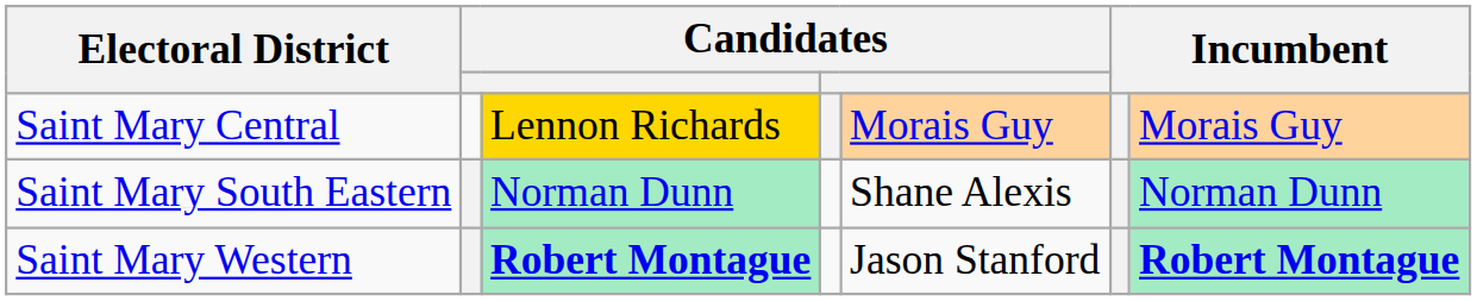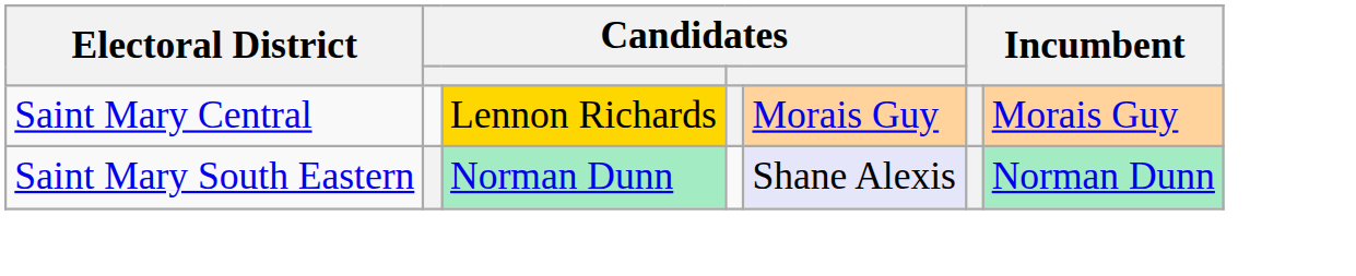 <table class="wikitable">
 <tr>
 <th rowspan="2">Electoral District</th>
 <th colspan="4">Candidates</th>
 <th colspan="2" rowspan="2">Incumbent</th>
 </tr>
 <tr>
 <th colspan="2" style="background:"><a href='#'></a></th>
 <th colspan="2" style="background:"><a href='#'></a></th>
 </tr>
 <tr>
 <td><a href='#'>Saint Mary Central</a></td>
 <td></td>
 <td style="background: gold;">Lennon Richards</td>
 <th style="background:"></th>
 <td style="background:#FFD39B"><a href='#'>Morais Guy</a></td>
 <th style="background:"></th>
 <td style="background:#FFD39B"><a href='#'>Morais Guy</a></td>
 </tr>
 <tr>
 <td><a href='#'>Saint Mary South Eastern</a></td>
 <th style="background:"></th>
 <td style="background:#a3ebc3"><a href='#'>Norman Dunn</a></td>
 <td></td>
-<td>Shane Alexis</td>
+<td style="background: lavender;">Shane Alexis</td>
 <th style="background:"></th>
 <td style="background:#a3ebc3"><a href='#'>Norman Dunn</a></td>
 </tr>
-<tr>
-<td><a href='#'>Saint Mary Western</a></td>
-<th style="background:"></th>
-<td style="background:#a3ebc3"><a href='#'><strong>Robert Montague</strong></a></td>
-<td></td>
-<td>Jason Stanford</td>
-<th style="background:"></th>
-<td style="background:#a3ebc3"><a href='#'><strong>Robert Montague</strong></a></td>
-</tr>
 </table>
